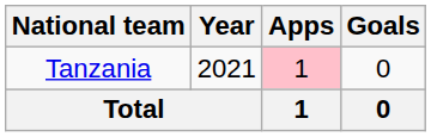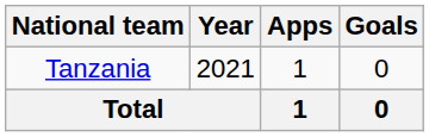 <table class="wikitable" style="text-align:center">
 <tr>
 <th>National team</th>
 <th>Year</th>
 <th>Apps</th>
 <th>Goals</th>
 </tr>
 <tr>
 <td rowspan="1"><a href='#'>Tanzania</a></td>
 <td>2021</td>
-<td style="background: pink;">1</td>
+<td>1</td>
 <td>0</td>
 </tr>
 <tr>
 <th colspan=2>Total</th>
 <th>1</th>
 <th>0</th>
 </tr>
 </table>
